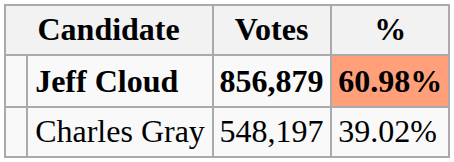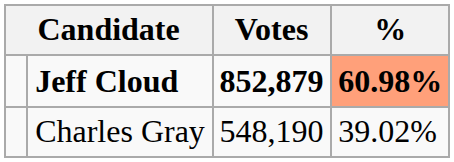 <table class="wikitable">
 <tr>
 <th colspan="2"  style="text-align:center; vertical-align:top;"><strong>Candidate</strong></th>
 <th valign="top"><strong>Votes</strong></th>
 <th valign="top"><strong>%</strong></th>
 </tr>
 <tr>
 <td style="background-color:"> </td>
 <td><strong>Jeff Cloud</strong></td>
-<td><strong>856,879</strong></td>
+<td><strong>852,879</strong></td>
 <td style="background: lightsalmon;"><strong>60.98%</strong></td>
 </tr>
 <tr>
 <td style="background-color:"> </td>
 <td>Charles Gray</td>
-<td>548,197</td>
+<td>548,190</td>
 <td>39.02%</td>
 </tr>
 </table>
